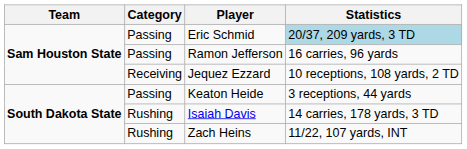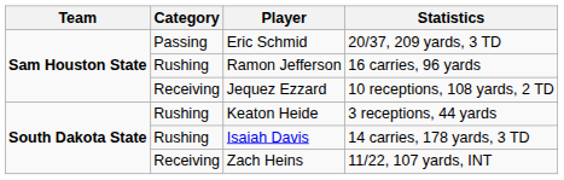 <table class="wikitable" style="float: right;">
 <tr>
 <th>Team</th>
 <th>Category</th>
 <th>Player</th>
 <th>Statistics</th>
 </tr>
 <tr>
 <td rowspan=3><strong>Sam Houston State</strong></td>
 <td>Passing</td>
 <td>Eric Schmid</td>
-<td style="background: lightblue;">20/37, 209 yards, 3 TD</td>
+<td>20/37, 209 yards, 3 TD</td>
 </tr>
 <tr>
-<td>Passing</td>
+<td>Rushing</td>
 <td>Ramon Jefferson</td>
 <td>16 carries, 96 yards</td>
 </tr>
 <tr>
 <td>Receiving</td>
 <td>Jequez Ezzard</td>
 <td>10 receptions, 108 yards, 2 TD</td>
 </tr>
 <tr>
 <td rowspan=3><strong>South Dakota State</strong></td>
-<td>Passing</td>
+<td>Rushing</td>
 <td>Keaton Heide</td>
 <td>3 receptions, 44 yards</td>
 </tr>
 <tr>
 <td>Rushing</td>
 <td><a href='#'>Isaiah Davis</a></td>
 <td>14 carries, 178 yards, 3 TD</td>
 </tr>
 <tr>
-<td>Rushing</td>
+<td>Receiving</td>
 <td>Zach Heins</td>
 <td>11/22, 107 yards, INT</td>
 </tr>
 </table>
